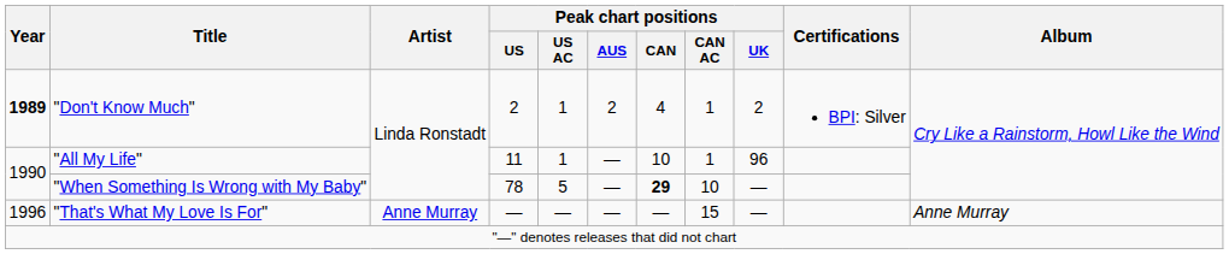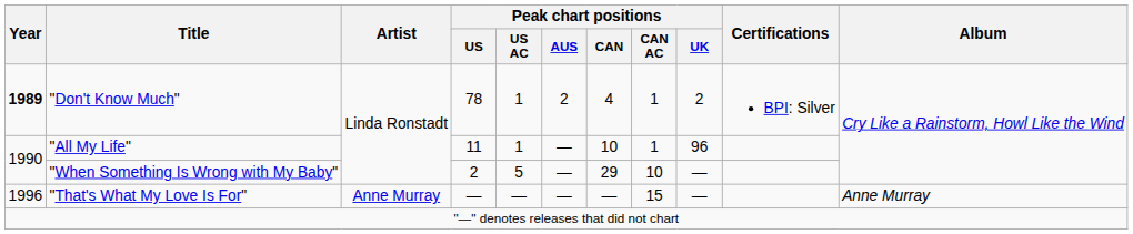 <table class=wikitable style="text-align:center;">
 <tr>
 <th rowspan=2>Year</th>
 <th rowspan=2>Title</th>
 <th rowspan=2>Artist</th>
 <th colspan=6>Peak chart positions</th>
 <th rowspan=2>Certifications</th>
 <th rowspan=2>Album</th>
 </tr>
 <tr>
 <th scope="col" style="width:3em; font-size:85%">US</th>
 <th scope="col" style="width:3em; font-size:85%">US AC</th>
 <th scope="col" style="width:3em; font-size:85%"><a href='#'>AUS</a><br></th>
 <th scope="col" style="width:3em; font-size:85%">CAN</th>
 <th scope="col" style="width:3em; font-size:85%">CAN AC</th>
 <th scope="col" style="width:3em; font-size:85%"><a href='#'>UK</a><br></th>
 </tr>
 <tr>
 <td><strong>1989</strong></td>
 <td style="text-align:left;">"<a href='#'>Don't Know Much</a>"</td>
 <td rowspan=3>Linda Ronstadt</td>
-<td>2</td>
+<td>78</td>
 <td>1</td>
 <td>2</td>
 <td>4</td>
 <td>1</td>
 <td>2</td>
 <td><br><ul><li><a href='#'>BPI</a>: Silver</li></ul></td>
 <td style="text-align:left;" rowspan=3><em><a href='#'>Cry Like a Rainstorm, Howl Like the Wind</a></em></td>
 </tr>
 <tr>
 <td rowspan=2>1990</td>
 <td style="text-align:left;">"<a href='#'>All My Life</a>"</td>
 <td>11</td>
 <td>1</td>
 <td>—</td>
 <td>10</td>
 <td>1</td>
 <td>96</td>
 <td></td>
 </tr>
 <tr>
 <td style="text-align:left;">"<a href='#'>When Something Is Wrong with My Baby</a>"</td>
-<td>78</td>
+<td>2</td>
 <td>5</td>
 <td>—</td>
-<td><strong>29</strong></td>
+<td>29</td>
 <td>10</td>
 <td>—</td>
 <td></td>
 </tr>
 <tr>
 <td>1996</td>
 <td style="text-align:left;">"<a href='#'>That's What My Love Is For</a>"</td>
 <td><a href='#'>Anne Murray</a></td>
 <td>—</td>
 <td>—</td>
 <td>—</td>
 <td>—</td>
 <td>15</td>
 <td>—</td>
 <td></td>
 <td style="text-align:left;"><em>Anne Murray</em></td>
 </tr>
 <tr>
 <td colspan=11 style="font-size:85%">"—" denotes releases that did not chart</td>
 </tr>
 </table>
